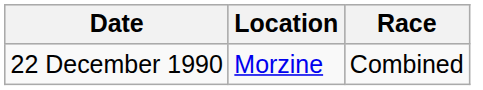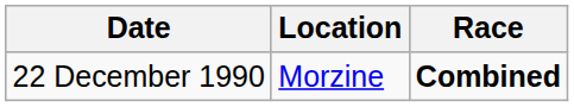 <table class="wikitable">
 <tr>
 <th>Date</th>
 <th>Location</th>
 <th>Race</th>
 </tr>
 <tr>
 <td>22 December 1990</td>
 <td> <a href='#'>Morzine</a></td>
-<td>Combined</td>
+<td><strong>Combined</strong></td>
 </tr>
 </table>
